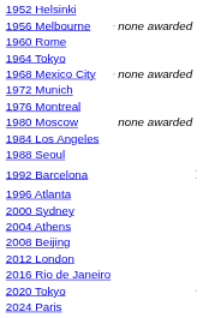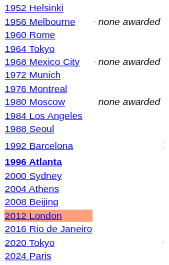 <table>
 <tr>
 <td><a href='#'>1952 Helsinki</a><br></td>
 <td></td>
 <td></td>
 <td></td>
 </tr>
 <tr>
 <td><a href='#'>1956 Melbourne</a><br></td>
 <td><hr></td>
 <td align="center"><em>none awarded</em></td>
 <td></td>
 </tr>
 <tr>
 <td><a href='#'>1960 Rome</a><br></td>
 <td></td>
 <td></td>
 <td></td>
 </tr>
 <tr>
 <td><a href='#'>1964 Tokyo</a><br></td>
 <td></td>
 <td></td>
 <td></td>
 </tr>
 <tr>
 <td><a href='#'>1968 Mexico City</a><br></td>
 <td><hr></td>
 <td align="center"><em>none awarded</em></td>
 <td></td>
 </tr>
 <tr>
 <td><a href='#'>1972 Munich</a><br></td>
 <td></td>
 <td></td>
 <td></td>
 </tr>
 <tr>
 <td><a href='#'>1976 Montreal</a><br></td>
 <td></td>
 <td></td>
 <td></td>
 </tr>
 <tr>
 <td rowspan="2"><a href='#'>1980 Moscow</a><br></td>
 <td></td>
 <td rowspan="2" align="center"><em>none awarded</em></td>
 <td></td>
 </tr>
 <tr>
 <td></td>
 <td></td>
 </tr>
 <tr>
 <td><a href='#'>1984 Los Angeles</a><br></td>
 <td></td>
 <td></td>
 <td></td>
 </tr>
 <tr>
 <td><a href='#'>1988 Seoul</a><br></td>
 <td></td>
 <td></td>
 <td></td>
 </tr>
 <tr>
 <td><a href='#'>1992 Barcelona</a><br></td>
 <td></td>
 <td></td>
 <td><hr><hr></td>
 </tr>
 <tr>
-<td><a href='#'>1996 Atlanta</a><br></td>
+<td><strong><a href='#'>1996 Atlanta</a><br></strong></td>
 <td></td>
 <td></td>
 <td></td>
 </tr>
 <tr>
 <td><a href='#'>2000 Sydney</a><br></td>
 <td></td>
 <td></td>
 <td></td>
 </tr>
 <tr>
 <td><a href='#'>2004 Athens</a><br></td>
 <td></td>
 <td></td>
 <td></td>
 </tr>
 <tr>
 <td><a href='#'>2008 Beijing</a><br></td>
 <td></td>
 <td></td>
 <td></td>
 </tr>
 <tr>
-<td><a href='#'>2012 London</a><br></td>
+<td style="background: lightsalmon;"><a href='#'>2012 London</a><br></td>
 <td></td>
 <td></td>
 <td></td>
 </tr>
 <tr>
 <td><a href='#'>2016 Rio de Janeiro</a><br></td>
 <td></td>
 <td></td>
 <td></td>
 </tr>
 <tr>
 <td><a href='#'>2020 Tokyo</a><br></td>
 <td></td>
 <td></td>
 <td><hr></td>
 </tr>
 <tr>
 <td><a href='#'>2024 Paris</a><br></td>
 <td></td>
 <td></td>
 <td></td>
 </tr>
 </table>
